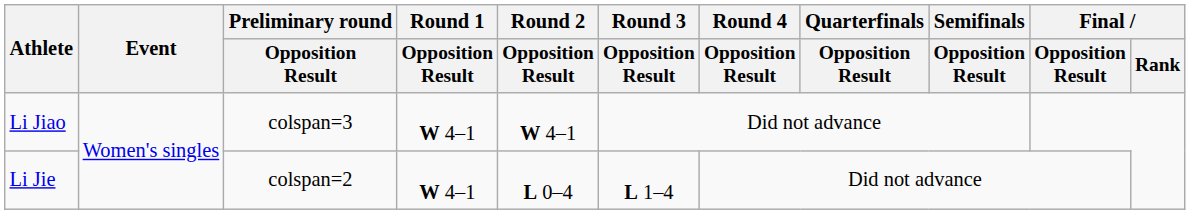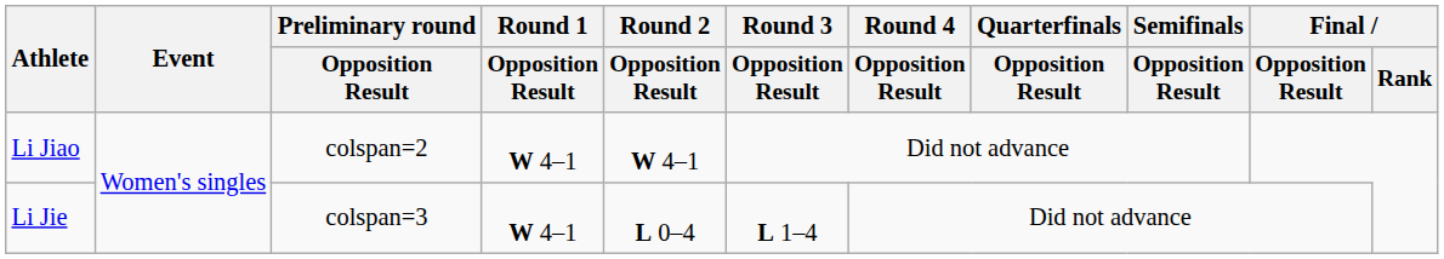 <table class="wikitable" style="font-size:90%">
 <tr>
 <th rowspan="2">Athlete</th>
 <th rowspan="2">Event</th>
 <th>Preliminary round</th>
 <th>Round 1</th>
 <th>Round 2</th>
 <th>Round 3</th>
 <th>Round 4</th>
 <th>Quarterfinals</th>
 <th>Semifinals</th>
 <th colspan=2>Final / </th>
 </tr>
 <tr style="font-size:95%">
 <th>Opposition<br>Result</th>
 <th>Opposition<br>Result</th>
 <th>Opposition<br>Result</th>
 <th>Opposition<br>Result</th>
 <th>Opposition<br>Result</th>
 <th>Opposition<br>Result</th>
 <th>Opposition<br>Result</th>
 <th>Opposition<br>Result</th>
 <th>Rank</th>
 </tr>
 <tr align=center>
 <td align=left><a href='#'>Li Jiao</a></td>
 <td align=left rowspan=2><a href='#'>Women's singles</a></td>
-<td>colspan=3 </td>
+<td>colspan=2 </td>
 <td><br><strong>W</strong> 4–1</td>
 <td><br><strong>W</strong> 4–1</td>
 <td colspan=4>Did not advance</td>
 </tr>
 <tr align=center>
 <td align=left><a href='#'>Li Jie</a></td>
-<td>colspan=2 </td>
+<td>colspan=3 </td>
 <td><br><strong>W</strong> 4–1</td>
 <td><br><strong>L</strong> 0–4</td>
 <td><br><strong>L</strong> 1–4</td>
 <td colspan=4>Did not advance</td>
 </tr>
 </table>
